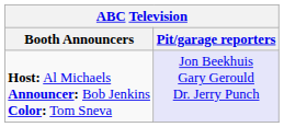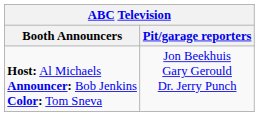 <table class="wikitable" style="font-size: 95%;">
 <tr>
 <th colspan=2><a href='#'>ABC</a> <a href='#'>Television</a></th>
 </tr>
 <tr>
 <th>Booth Announcers</th>
 <th><a href='#'>Pit/garage reporters</a></th>
 </tr>
 <tr>
 <td valign="top"><br><strong>Host:</strong> <a href='#'>Al Michaels</a><br> <strong><a href='#'>Announcer</a>:</strong> <a href='#'>Bob Jenkins</a><br> <strong><a href='#'>Color</a>:</strong> <a href='#'>Tom Sneva</a><br></td>
-<td align="center" valign="top" style="background: lavender;"><a href='#'>Jon Beekhuis</a><br><a href='#'>Gary Gerould</a><br><a href='#'>Dr. Jerry Punch</a></td>
+<td align="center" valign="top"><a href='#'>Jon Beekhuis</a><br><a href='#'>Gary Gerould</a><br><a href='#'>Dr. Jerry Punch</a></td>
 </tr>
 </table>
